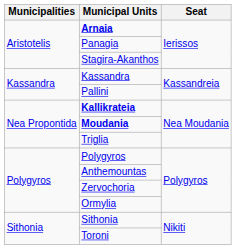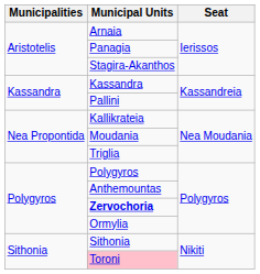 <table class="wikitable">
 <tr>
 <th>Municipalities</th>
 <th>Municipal Units</th>
 <th>Seat</th>
 </tr>
 <tr>
 <td rowspan=3><a href='#'>Aristotelis</a></td>
-<td><strong><a href='#'>Arnaia</a></strong></td>
+<td><a href='#'>Arnaia</a></td>
 <td rowspan=3><a href='#'>Ierissos</a></td>
 </tr>
 <tr>
 <td><a href='#'>Panagia</a></td>
 </tr>
 <tr>
 <td><a href='#'>Stagira-Akanthos</a></td>
 </tr>
 <tr>
 <td rowspan=2><a href='#'>Kassandra</a></td>
 <td><a href='#'>Kassandra</a></td>
 <td rowspan=2><a href='#'>Kassandreia</a></td>
 </tr>
 <tr>
 <td><a href='#'>Pallini</a></td>
 </tr>
 <tr>
 <td rowspan=3><a href='#'>Nea Propontida</a></td>
-<td><strong><a href='#'>Kallikrateia</a></strong></td>
+<td><a href='#'>Kallikrateia</a></td>
 <td rowspan=3><a href='#'>Nea Moudania</a></td>
 </tr>
 <tr>
-<td><strong><a href='#'>Moudania</a></strong></td>
+<td><a href='#'>Moudania</a></td>
 </tr>
 <tr>
 <td><a href='#'>Triglia</a></td>
 </tr>
 <tr>
 <td rowspan=4><a href='#'>Polygyros</a></td>
 <td><a href='#'>Polygyros</a></td>
 <td rowspan=4><a href='#'>Polygyros</a></td>
 </tr>
 <tr>
 <td><a href='#'>Anthemountas</a></td>
 </tr>
 <tr>
-<td><a href='#'>Zervochoria</a></td>
+<td><strong><a href='#'>Zervochoria</a></strong></td>
 </tr>
 <tr>
 <td><a href='#'>Ormylia</a></td>
 </tr>
 <tr>
 <td rowspan=2><a href='#'>Sithonia</a></td>
 <td><a href='#'>Sithonia</a></td>
 <td rowspan=2><a href='#'>Nikiti</a></td>
 </tr>
 <tr>
-<td><a href='#'>Toroni</a></td>
+<td style="background: pink;"><a href='#'>Toroni</a></td>
 </tr>
 </table>
